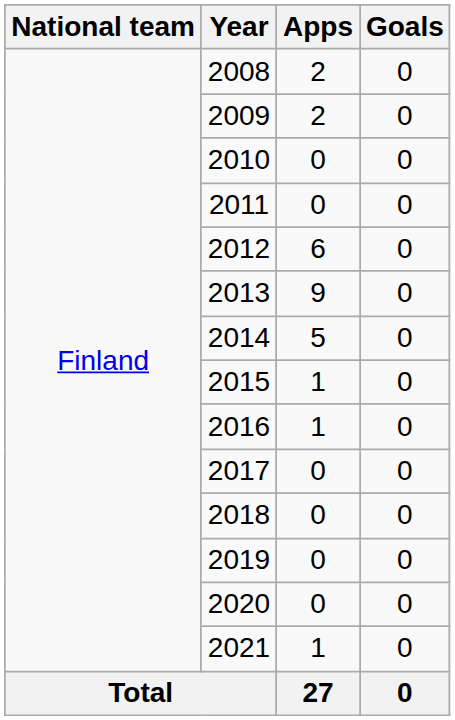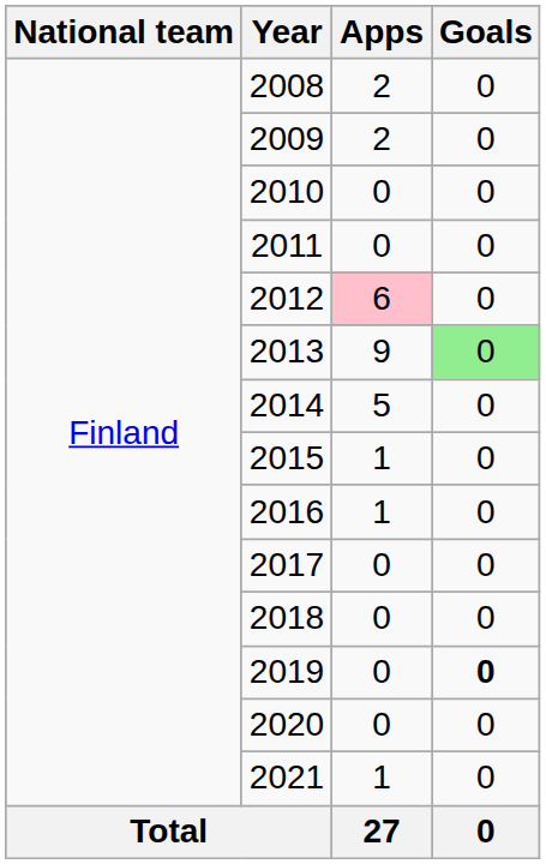 <table class="wikitable" style="text-align:center">
 <tr>
 <th>National team</th>
 <th>Year</th>
 <th>Apps</th>
 <th>Goals</th>
 </tr>
 <tr>
 <td rowspan="14"><a href='#'>Finland</a></td>
 <td>2008</td>
 <td>2</td>
 <td>0</td>
 </tr>
 <tr>
 <td>2009</td>
 <td>2</td>
 <td>0</td>
 </tr>
 <tr>
 <td>2010</td>
 <td>0</td>
 <td>0</td>
 </tr>
 <tr>
 <td>2011</td>
 <td>0</td>
 <td>0</td>
 </tr>
 <tr>
 <td>2012</td>
-<td>6</td>
+<td style="background: pink;">6</td>
 <td>0</td>
 </tr>
 <tr>
 <td>2013</td>
 <td>9</td>
-<td>0</td>
+<td style="background: lightgreen;">0</td>
 </tr>
 <tr>
 <td>2014</td>
 <td>5</td>
 <td>0</td>
 </tr>
 <tr>
 <td>2015</td>
 <td>1</td>
 <td>0</td>
 </tr>
 <tr>
 <td>2016</td>
 <td>1</td>
 <td>0</td>
 </tr>
 <tr>
 <td>2017</td>
 <td>0</td>
 <td>0</td>
 </tr>
 <tr>
 <td>2018</td>
 <td>0</td>
 <td>0</td>
 </tr>
 <tr>
 <td>2019</td>
 <td>0</td>
-<td>0</td>
+<td><strong>0</strong></td>
 </tr>
 <tr>
 <td>2020</td>
 <td>0</td>
 <td>0</td>
 </tr>
 <tr>
 <td>2021</td>
 <td>1</td>
 <td>0</td>
 </tr>
 <tr>
 <th colspan="2">Total</th>
 <th>27</th>
 <th>0</th>
 </tr>
 </table>
